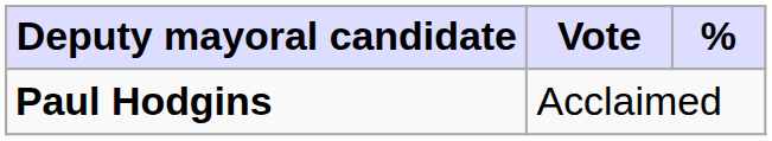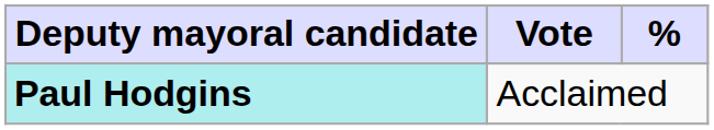 <table class="wikitable">
 <tr>
 <th style="background:#ddf; width:200px;">Deputy mayoral candidate</th>
 <th style="background:#ddf; width:50px;">Vote</th>
 <th style="background:#ddf; width:30px;">%</th>
 </tr>
 <tr>
-<td><strong>Paul Hodgins</strong></td>
+<td style="background: paleturquoise;"><strong>Paul Hodgins</strong></td>
 <td colspan="2">Acclaimed</td>
 </tr>
 </table>
